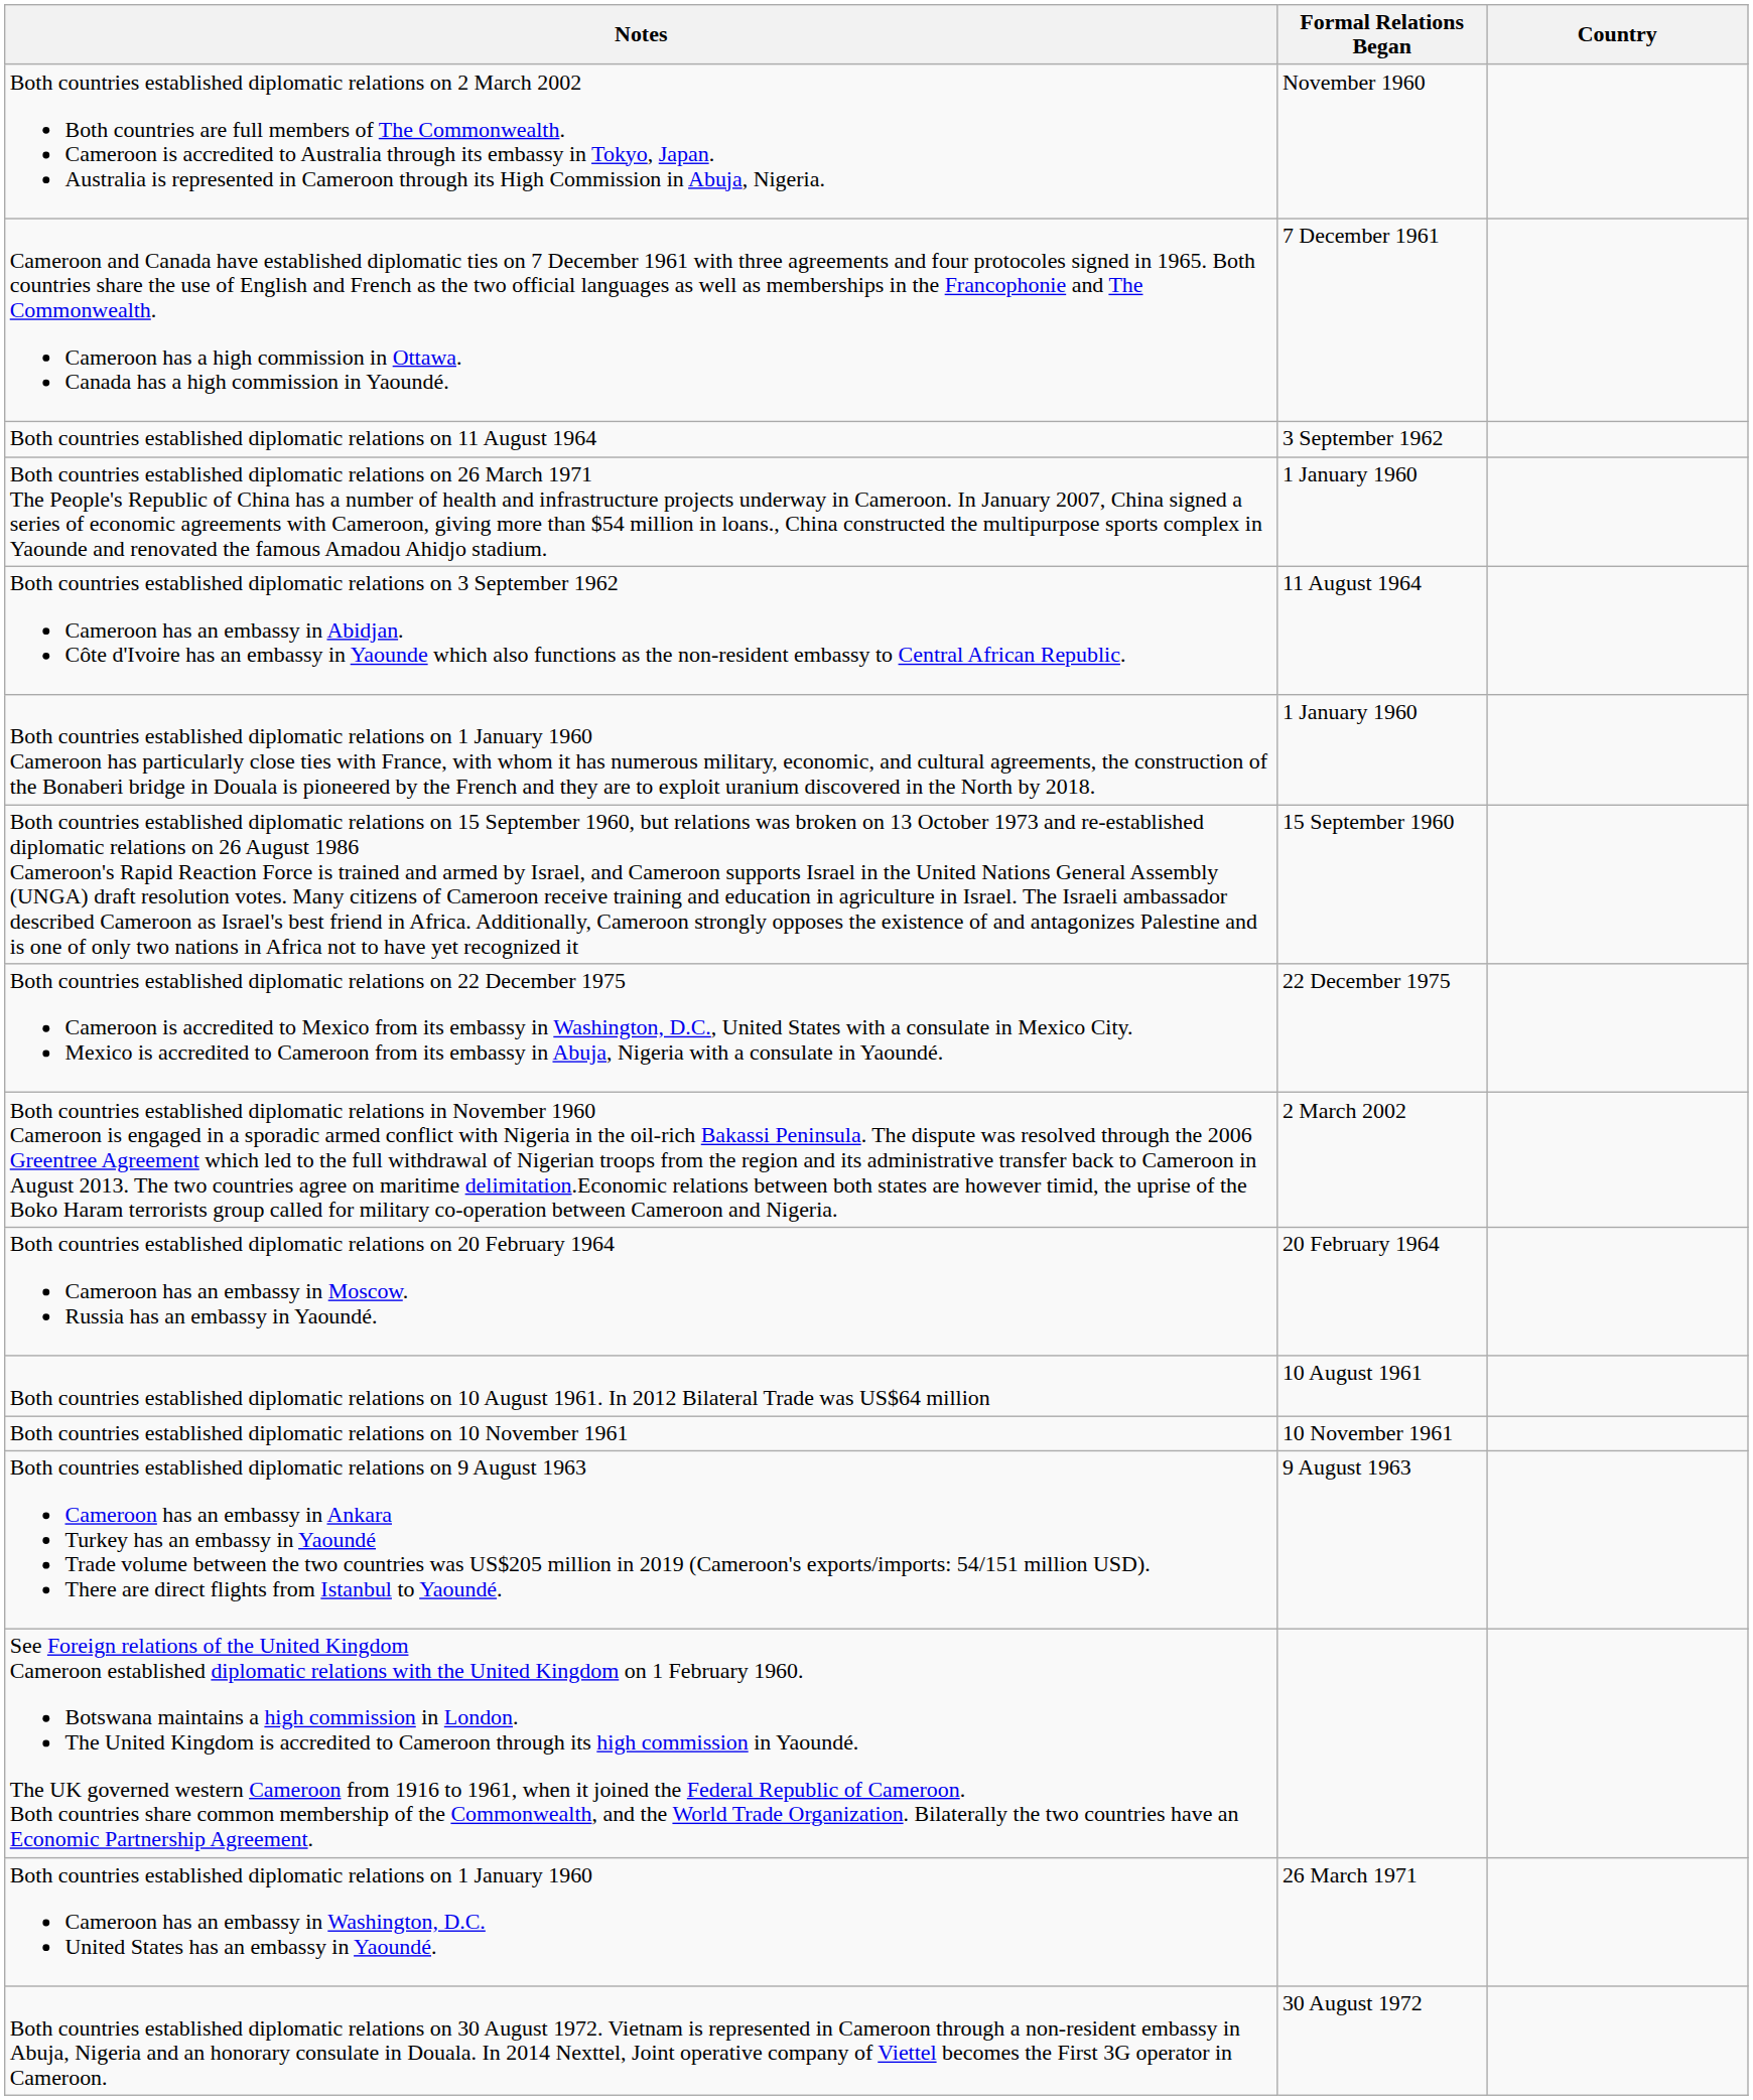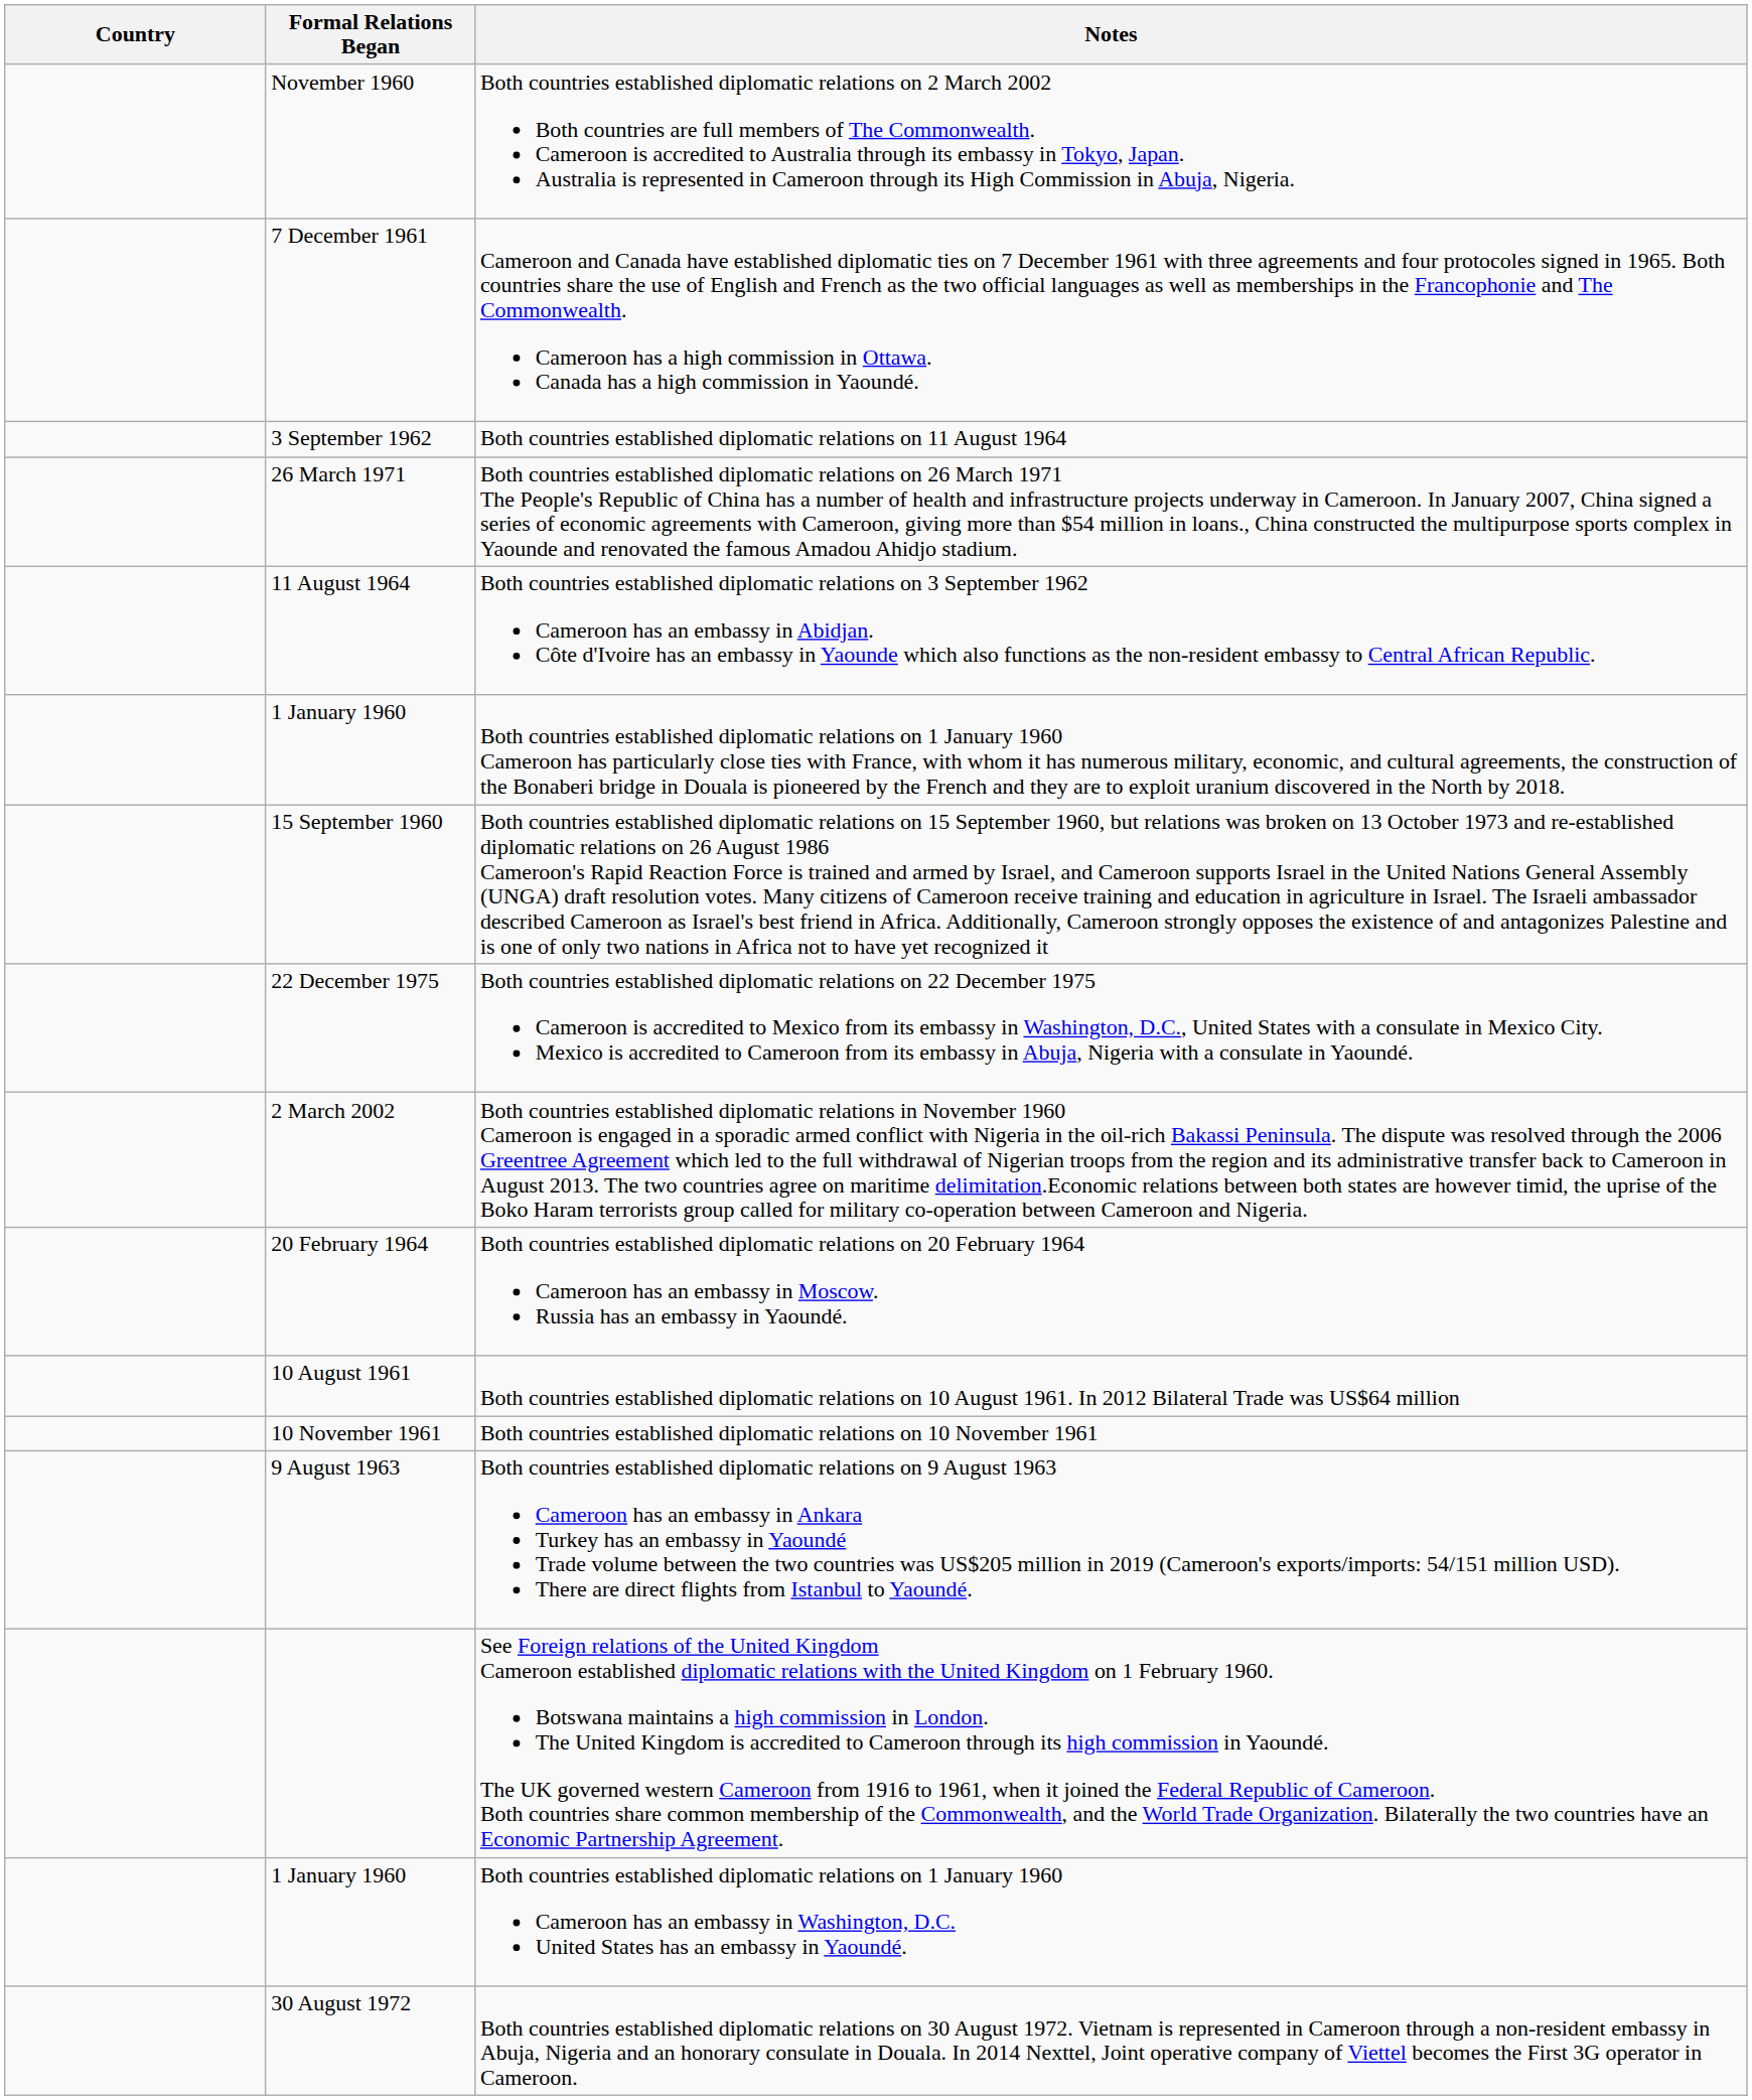 <table class="wikitable sortable" style="width:100%; margin:auto;">
 <tr>
+<th style="width:15%;">Country</th>
+<th style="width:12%;">Formal Relations Began</th>
 <th>Notes</th>
-<th style="width:12%;">Formal Relations Began</th>
-<th style="width:15%;">Country</th>
 </tr>
 <tr valign="top">
+<td></td>
+<td>November 1960</td>
 <td>Both countries established diplomatic relations on 2 March 2002<br><ul><li>Both countries are full members of <a href='#'>The Commonwealth</a>.</li><li>Cameroon is accredited to Australia through its embassy in <a href='#'>Tokyo</a>, <a href='#'>Japan</a>.</li><li>Australia is represented in Cameroon through its High Commission in <a href='#'>Abuja</a>, Nigeria.</li></ul></td>
-<td>November 1960</td>
-<td></td>
 </tr>
 <tr valign="top">
+<td></td>
+<td>7 December 1961</td>
 <td><br>Cameroon and Canada have established diplomatic ties on 7 December 1961 with three agreements and four protocoles signed in 1965. Both countries share the use of English and French as the two official languages as well as memberships in the <a href='#'>Francophonie</a> and <a href='#'>The Commonwealth</a>.<ul><li>Cameroon has a high commission in <a href='#'>Ottawa</a>.</li><li>Canada has a high commission in Yaoundé.</li></ul></td>
-<td>7 December 1961</td>
-<td></td>
 </tr>
 <tr>
+<td></td>
+<td>3 September 1962</td>
 <td>Both countries established diplomatic relations on 11 August 1964</td>
-<td>3 September 1962</td>
-<td></td>
 </tr>
 <tr valign="top">
+<td></td>
+<td>26 March 1971</td>
 <td>Both countries established diplomatic relations on 26 March 1971<br>The People's Republic of China has a number of health and infrastructure projects underway in Cameroon. In January 2007, China signed a series of economic agreements with Cameroon, giving more than $54 million in loans., China constructed the multipurpose sports complex in Yaounde and renovated the famous Amadou Ahidjo stadium.</td>
-<td>1 January 1960</td>
-<td></td>
 </tr>
 <tr valign="top">
+<td></td>
+<td>11 August 1964</td>
 <td>Both countries established diplomatic relations on 3 September 1962<br><ul><li>Cameroon has an embassy in <a href='#'>Abidjan</a>.</li><li>Côte d'Ivoire has an embassy in <a href='#'>Yaounde</a> which also functions as the non-resident embassy to <a href='#'>Central African Republic</a>.</li></ul></td>
-<td>11 August 1964</td>
-<td></td>
 </tr>
 <tr valign="top">
+<td></td>
+<td>1 January 1960</td>
 <td><br>Both countries established diplomatic relations on 1 January 1960<br>Cameroon has particularly close ties with France, with whom it has numerous military, economic, and cultural agreements, the construction of the Bonaberi bridge in Douala is pioneered by the French and they are to exploit uranium discovered in the North by 2018.</td>
-<td>1 January 1960</td>
-<td></td>
 </tr>
 <tr valign="top">
+<td></td>
+<td>15 September 1960</td>
 <td>Both countries established diplomatic relations on 15 September 1960, but relations was broken on 13 October 1973 and re-established diplomatic relations on 26 August 1986<br>Cameroon's Rapid Reaction Force is trained and armed by Israel, and Cameroon supports Israel in the United Nations General Assembly (UNGA) draft resolution votes. Many citizens of Cameroon receive training and education in agriculture in Israel. The Israeli ambassador described Cameroon as Israel's best friend in Africa. Additionally, Cameroon strongly opposes the existence of and antagonizes Palestine and is one of only two nations in Africa not to have yet recognized it</td>
-<td>15 September 1960</td>
-<td></td>
 </tr>
 <tr valign="top">
+<td></td>
+<td>22 December 1975</td>
 <td>Both countries established diplomatic relations on 22 December 1975<br><ul><li>Cameroon is accredited to Mexico from its embassy in <a href='#'>Washington, D.C.</a>, United States with a consulate in Mexico City.</li><li>Mexico is accredited to Cameroon from its embassy in <a href='#'>Abuja</a>, Nigeria with a consulate in Yaoundé.</li></ul></td>
-<td>22 December 1975</td>
-<td></td>
 </tr>
 <tr valign="top">
+<td></td>
+<td>2 March 2002</td>
 <td>Both countries established diplomatic relations in November 1960<br>Cameroon is engaged in a sporadic armed conflict with Nigeria in the oil-rich <a href='#'>Bakassi Peninsula</a>. The dispute was resolved through the 2006 <a href='#'>Greentree Agreement</a> which led to the full withdrawal of Nigerian troops from the region and its administrative transfer back to Cameroon in August 2013. The two countries agree on maritime <a href='#'>delimitation</a>.Economic relations between both states are however timid, the uprise of the Boko Haram terrorists group called for military co-operation between Cameroon and Nigeria.</td>
-<td>2 March 2002</td>
-<td></td>
 </tr>
 <tr valign="top">
+<td></td>
+<td>20 February 1964</td>
 <td>Both countries established diplomatic relations on 20 February 1964<br><ul><li>Cameroon has an embassy in <a href='#'>Moscow</a>.</li><li>Russia has an embassy in Yaoundé.</li></ul></td>
-<td>20 February 1964</td>
-<td></td>
 </tr>
 <tr valign="top">
+<td></td>
+<td>10 August 1961</td>
 <td><br>Both countries established diplomatic relations on 10 August 1961. In 2012 Bilateral Trade was US$64 million</td>
-<td>10 August 1961</td>
-<td></td>
 </tr>
 <tr valign="top">
+<td></td>
+<td>10 November 1961</td>
 <td>Both countries established diplomatic relations on 10 November 1961</td>
-<td>10 November 1961</td>
-<td></td>
 </tr>
 <tr valign="top">
+<td></td>
+<td>9 August 1963</td>
 <td>Both countries established diplomatic relations on 9 August 1963<br><ul><li><a href='#'>Cameroon</a> has an embassy in <a href='#'>Ankara</a></li><li>Turkey has an embassy in <a href='#'>Yaoundé</a></li><li>Trade volume between the two countries was US$205 million in 2019 (Cameroon's exports/imports: 54/151 million USD).</li><li>There are direct flights from <a href='#'>Istanbul</a> to <a href='#'>Yaoundé</a>.</li></ul></td>
-<td>9 August 1963</td>
-<td></td>
 </tr>
 <tr valign="top">
-<td>See <a href='#'>Foreign relations of the United Kingdom</a><br>Cameroon established <a href='#'>diplomatic relations with the United Kingdom</a> on 1 February 1960.<ul><li>Botswana maintains a <a href='#'>high commission</a> in <a href='#'>London</a>.</li><li>The United Kingdom is accredited to Cameroon through its <a href='#'>high commission</a> in Yaoundé.</li></ul>The UK governed western <a href='#'>Cameroon</a> from 1916 to 1961, when it joined the <a href='#'>Federal Republic of Cameroon</a>.<br>Both countries share common membership of the <a href='#'>Commonwealth</a>, and the <a href='#'>World Trade Organization</a>. Bilaterally the two countries have an <a href='#'>Economic Partnership Agreement</a>.</td>
 <td></td>
 <td></td>
+<td>See <a href='#'>Foreign relations of the United Kingdom</a><br>Cameroon established <a href='#'>diplomatic relations with the United Kingdom</a> on 1 February 1960.<ul><li>Botswana maintains a <a href='#'>high commission</a> in <a href='#'>London</a>.</li><li>The United Kingdom is accredited to Cameroon through its <a href='#'>high commission</a> in Yaoundé.</li></ul>The UK governed western <a href='#'>Cameroon</a> from 1916 to 1961, when it joined the <a href='#'>Federal Republic of Cameroon</a>.<br>Both countries share common membership of the <a href='#'>Commonwealth</a>, and the <a href='#'>World Trade Organization</a>. Bilaterally the two countries have an <a href='#'>Economic Partnership Agreement</a>.</td>
 </tr>
 <tr valign="top">
+<td></td>
+<td>1 January 1960</td>
 <td>Both countries established diplomatic relations on 1 January 1960<br><ul><li>Cameroon has an embassy in <a href='#'>Washington, D.C.</a></li><li>United States has an embassy in <a href='#'>Yaoundé</a>.</li></ul></td>
-<td>26 March 1971</td>
-<td></td>
 </tr>
 <tr valign="top">
+<td></td>
+<td>30 August 1972</td>
 <td><br>Both countries established diplomatic relations on 30 August 1972. Vietnam is represented in Cameroon through a non-resident embassy in Abuja, Nigeria and an honorary consulate in Douala. In 2014 Nexttel, Joint operative company of <a href='#'>Viettel</a> becomes the First 3G operator in Cameroon.</td>
-<td>30 August 1972</td>
-<td></td>
 </tr>
 </table>
